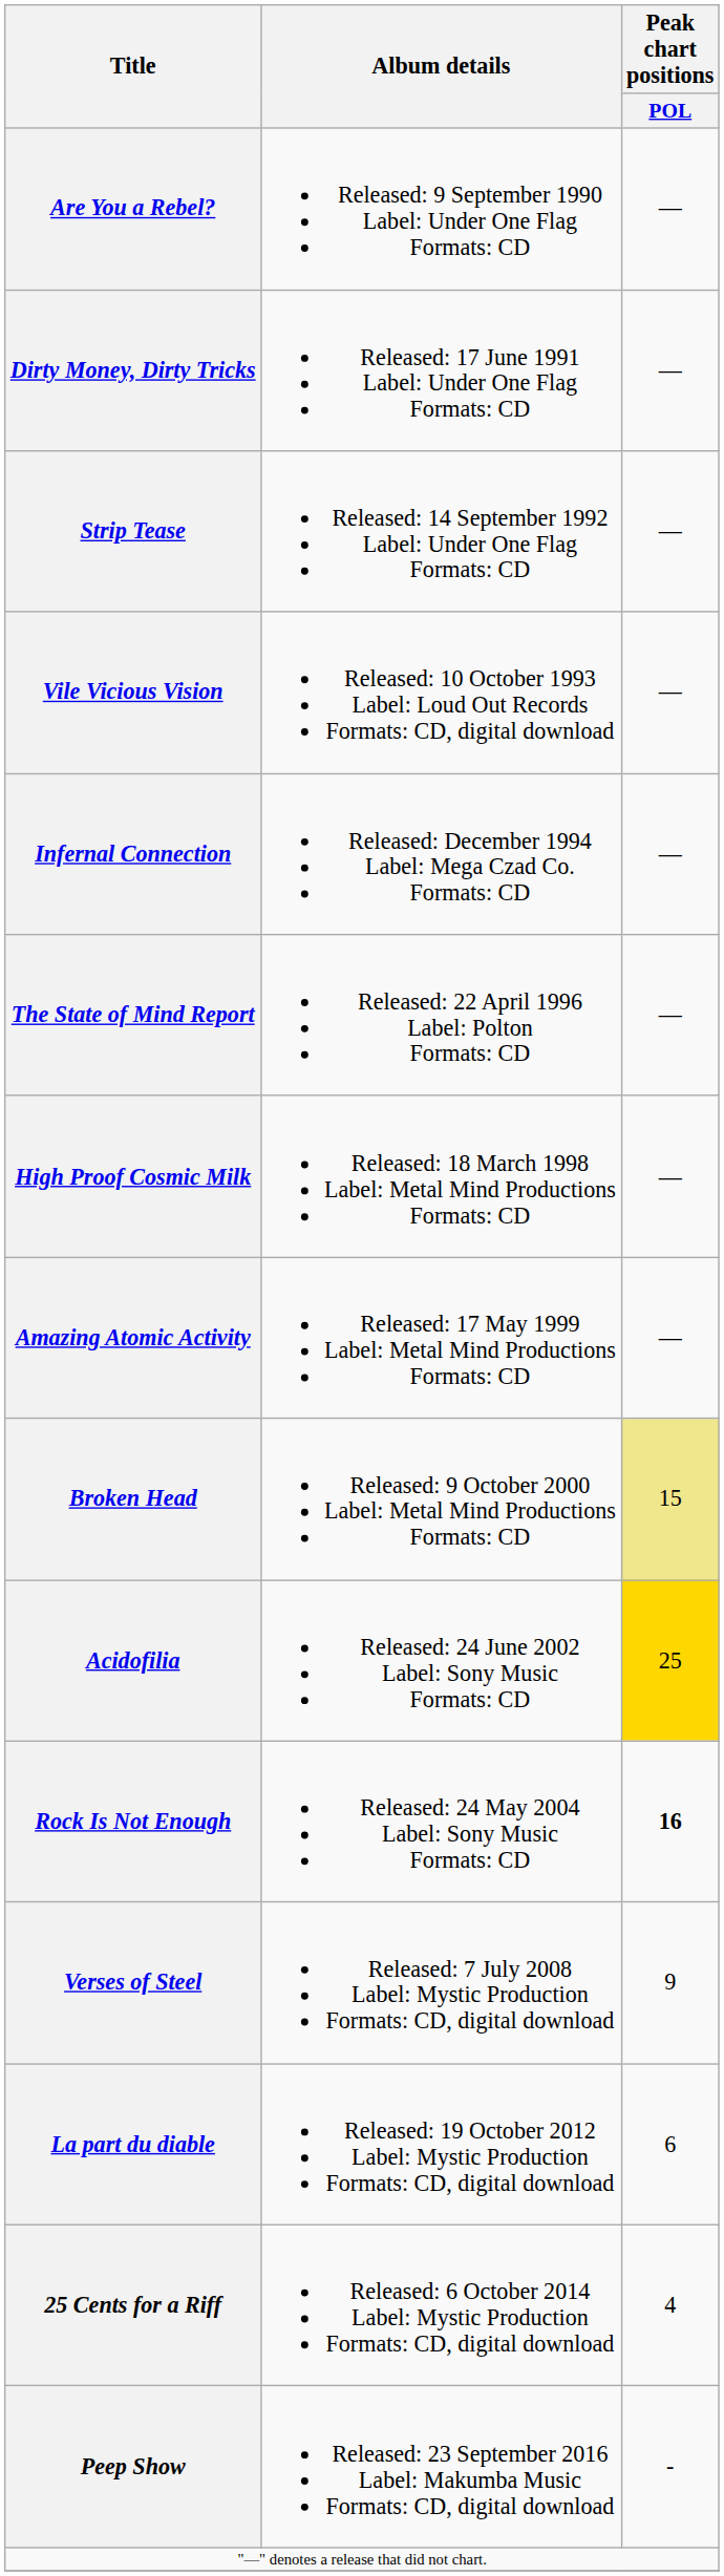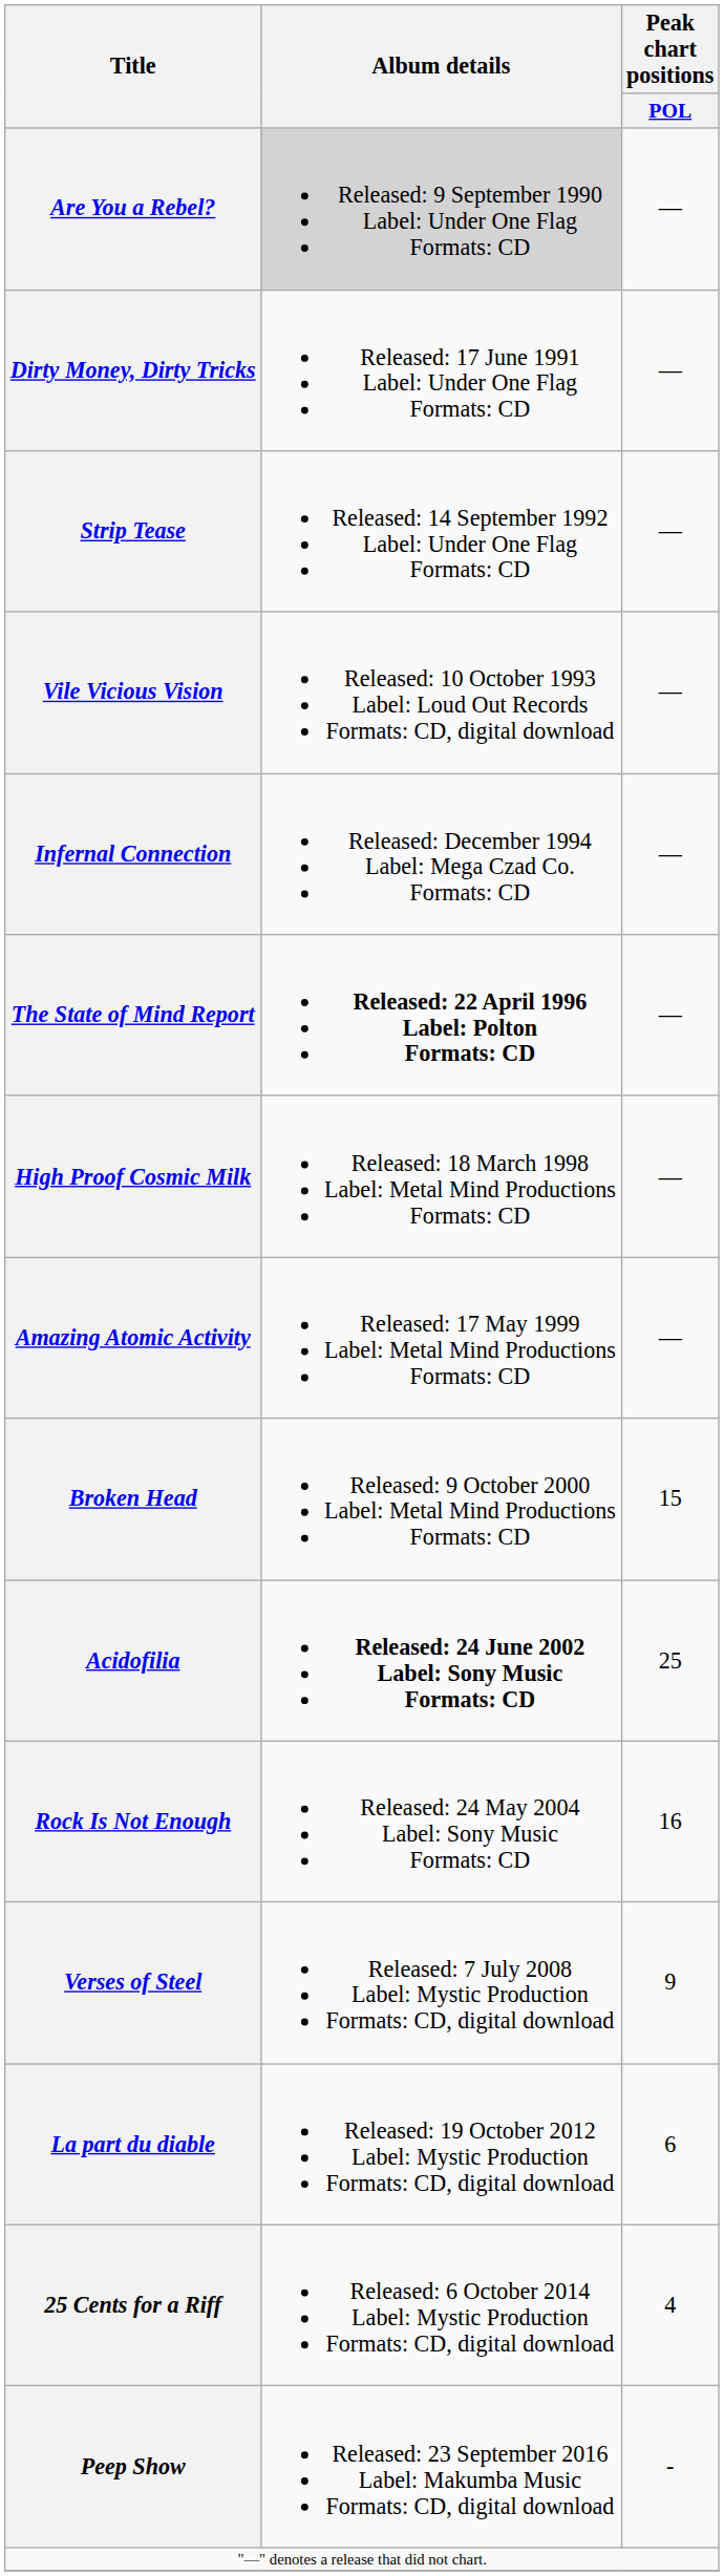 <table class="wikitable plainrowheaders" style="text-align:center;">
 <tr>
 <th scope="col" rowspan="2">Title</th>
 <th scope="col" rowspan="2">Album details</th>
 <th scope="col" colspan="1">Peak chart positions</th>
 </tr>
 <tr>
 <th scope="col" style="width:3em;font-size:90%;"><a href='#'>POL</a><br></th>
 </tr>
 <tr>
 <th scope="row"><em><a href='#'>Are You a Rebel?</a></em></th>
-<td><br><ul><li>Released: 9 September 1990</li><li>Label: Under One Flag</li><li>Formats: CD</li></ul></td>
+<td style="background: lightgrey;"><br><ul><li>Released: 9 September 1990</li><li>Label: Under One Flag</li><li>Formats: CD</li></ul></td>
 <td align="center">—</td>
 </tr>
 <tr>
 <th scope="row"><em><a href='#'>Dirty Money, Dirty Tricks</a></em></th>
 <td><br><ul><li>Released: 17 June 1991</li><li>Label: Under One Flag</li><li>Formats: CD</li></ul></td>
 <td align="center">—</td>
 </tr>
 <tr>
 <th scope="row"><em><a href='#'>Strip Tease</a></em></th>
 <td><br><ul><li>Released: 14 September 1992</li><li>Label: Under One Flag</li><li>Formats: CD</li></ul></td>
 <td align="center">—</td>
 </tr>
 <tr>
 <th scope="row"><em><a href='#'>Vile Vicious Vision</a></em></th>
 <td><br><ul><li>Released: 10 October 1993</li><li>Label: Loud Out Records</li><li>Formats: CD, digital download</li></ul></td>
 <td align="center">—</td>
 </tr>
 <tr>
 <th scope="row"><em><a href='#'>Infernal Connection</a></em></th>
 <td><br><ul><li>Released: December 1994</li><li>Label: Mega Czad Co.</li><li>Formats: CD</li></ul></td>
 <td align="center">—</td>
 </tr>
 <tr>
 <th scope="row"><em><a href='#'>The State of Mind Report</a></em></th>
-<td><br><ul><li>Released: 22 April 1996</li><li>Label:  Polton</li><li>Formats: CD</li></ul></td>
+<td><strong><br><ul><li>Released: 22 April 1996</li><li>Label:  Polton</li><li>Formats: CD</li></ul></strong></td>
 <td align="center">—</td>
 </tr>
 <tr>
 <th scope="row"><em><a href='#'>High Proof Cosmic Milk</a></em></th>
 <td><br><ul><li>Released: 18 March 1998</li><li>Label: Metal Mind Productions</li><li>Formats: CD</li></ul></td>
 <td align="center">—</td>
 </tr>
 <tr>
 <th scope="row"><em><a href='#'>Amazing Atomic Activity</a></em></th>
 <td><br><ul><li>Released: 17 May 1999</li><li>Label: Metal Mind Productions</li><li>Formats: CD</li></ul></td>
 <td align="center">—</td>
 </tr>
 <tr>
 <th scope="row"><em><a href='#'>Broken Head</a></em></th>
 <td><br><ul><li>Released: 9 October 2000</li><li>Label: Metal Mind Productions</li><li>Formats: CD</li></ul></td>
-<td align="center" style="background: khaki;">15</td>
+<td align="center">15</td>
 </tr>
 <tr>
 <th scope="row"><em><a href='#'>Acidofilia</a></em></th>
-<td><br><ul><li>Released: 24 June 2002</li><li>Label: Sony Music</li><li>Formats: CD</li></ul></td>
-<td align="center" style="background: gold;">25</td>
+<td><strong><br><ul><li>Released: 24 June 2002</li><li>Label: Sony Music</li><li>Formats: CD</li></ul></strong></td>
+<td align="center">25</td>
 </tr>
 <tr>
 <th scope="row"><em><a href='#'>Rock Is Not Enough</a></em></th>
 <td><br><ul><li>Released: 24 May 2004</li><li>Label: Sony Music</li><li>Formats: CD</li></ul></td>
-<td align="center"><strong>16</strong></td>
+<td align="center">16</td>
 </tr>
 <tr>
 <th scope="row"><em><a href='#'>Verses of Steel</a></em></th>
 <td><br><ul><li>Released: 7 July 2008</li><li>Label: Mystic Production</li><li>Formats: CD, digital download</li></ul></td>
 <td align="center">9</td>
 </tr>
 <tr>
 <th scope="row"><em><a href='#'>La part du diable</a></em></th>
 <td><br><ul><li>Released: 19 October 2012</li><li>Label: Mystic Production</li><li>Formats: CD, digital download</li></ul></td>
 <td align="center">6</td>
 </tr>
 <tr>
 <th scope="row"><em>25 Cents for a Riff</em></th>
 <td><br><ul><li>Released: 6 October 2014</li><li>Label: Mystic Production</li><li>Formats: CD, digital download</li></ul></td>
 <td align="center">4</td>
 </tr>
 <tr>
 <th scope="row"><em>Peep Show</em></th>
 <td><br><ul><li>Released: 23 September 2016</li><li>Label: Makumba Music</li><li>Formats: CD, digital download</li></ul></td>
 <td align="center">-</td>
 </tr>
 <tr>
 <td align="center" colspan="20" style="font-size: 8pt">"—" denotes a release that did not chart.</td>
 </tr>
 <tr>
 </tr>
 </table>
